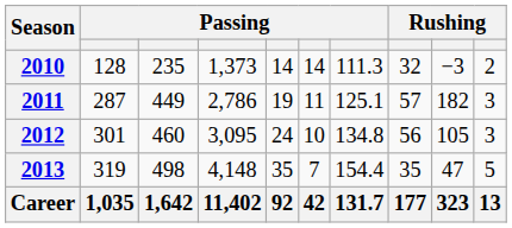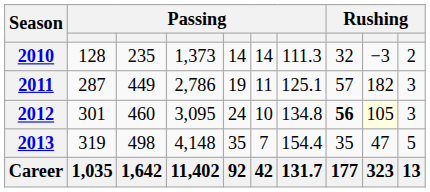 <table class="wikitable" style="text-align:center;">
 <tr>
 <th rowspan="2">Season</th>
 <th colspan="6">Passing</th>
 <th colspan="3">Rushing</th>
 </tr>
 <tr>
 <th></th>
 <th></th>
 <th></th>
 <th></th>
 <th></th>
 <th></th>
 <th></th>
 <th></th>
 <th></th>
 </tr>
 <tr>
 <th><a href='#'>2010</a></th>
 <td>128</td>
 <td>235</td>
 <td>1,373</td>
 <td>14</td>
 <td>14</td>
 <td>111.3</td>
 <td>32</td>
 <td>−3</td>
 <td>2</td>
 </tr>
 <tr>
 <th><a href='#'>2011</a></th>
 <td>287</td>
 <td>449</td>
 <td>2,786</td>
 <td>19</td>
 <td>11</td>
 <td>125.1</td>
 <td>57</td>
 <td>182</td>
 <td>3</td>
 </tr>
 <tr>
 <th><a href='#'>2012</a></th>
 <td>301</td>
 <td>460</td>
 <td>3,095</td>
 <td>24</td>
 <td>10</td>
 <td>134.8</td>
-<td>56</td>
-<td>105</td>
+<td><strong>56</strong></td>
+<td style="background: lightyellow;">105</td>
 <td>3</td>
 </tr>
 <tr>
 <th><a href='#'>2013</a></th>
 <td>319</td>
 <td>498</td>
 <td>4,148</td>
 <td>35</td>
 <td>7</td>
 <td>154.4</td>
 <td>35</td>
 <td>47</td>
 <td>5</td>
 </tr>
 <tr>
 <th>Career</th>
 <th>1,035</th>
 <th>1,642</th>
 <th>11,402</th>
 <th>92</th>
 <th>42</th>
 <th>131.7</th>
 <th>177</th>
 <th>323</th>
 <th>13</th>
 </tr>
 </table>
